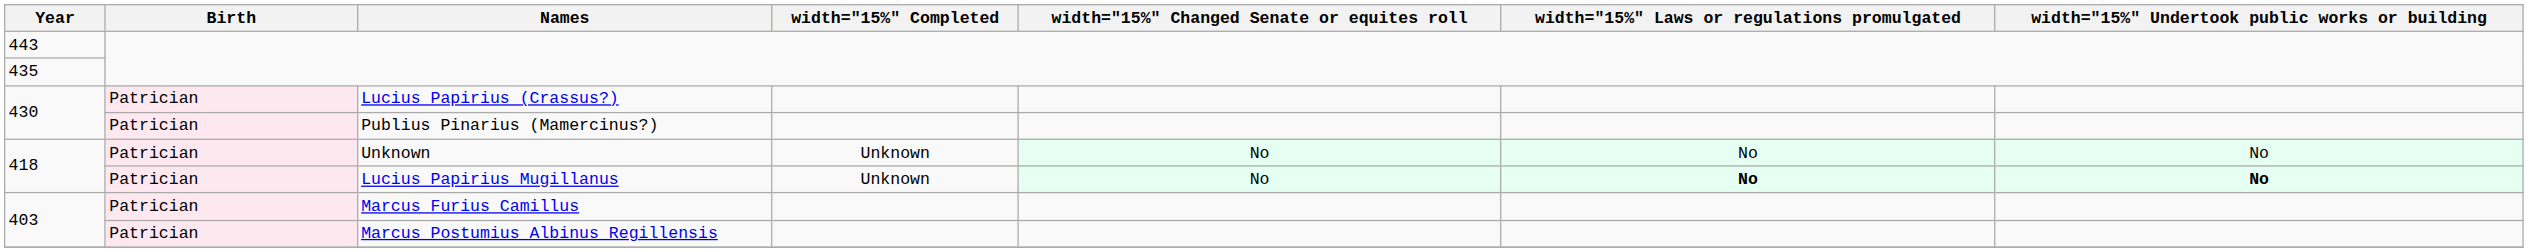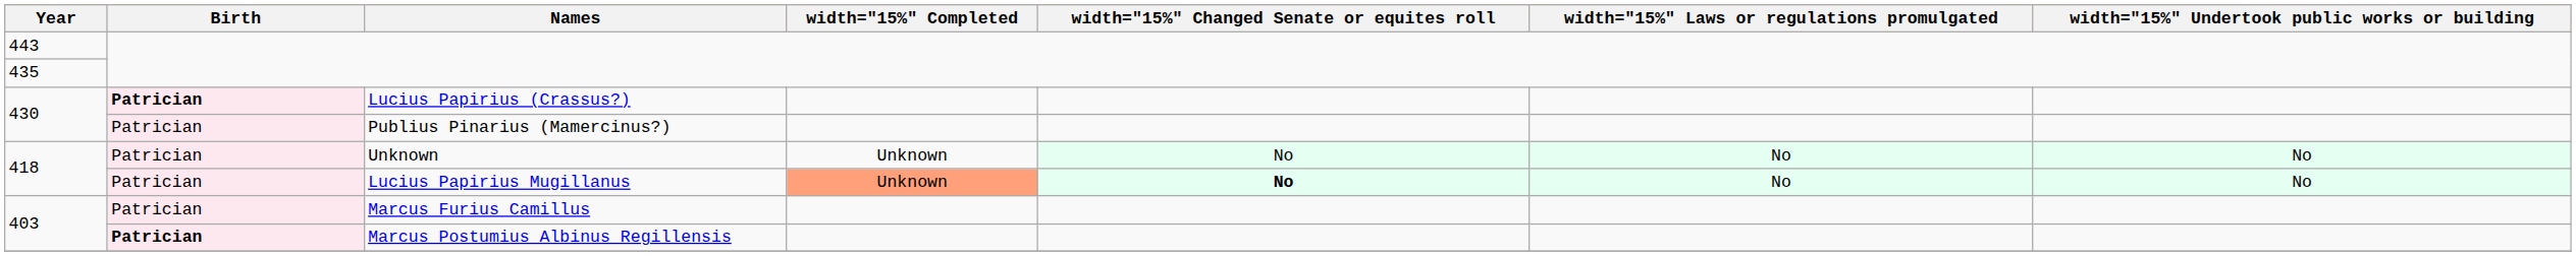 <table class="wikitable sortable"  width="100%">
 <tr bgcolor="#FFDEAD">
 <th width="4%">Year</th>
 <th width="10%">Birth</th>
 <th>Names</th>
 <th>width="15%"  Completed</th>
 <th>width="15%"   Changed Senate or equites roll</th>
 <th>width="15%"   Laws or regulations promulgated</th>
 <th>width="15%"   Undertook public works or building</th>
 </tr>
 <tr>
 <td rowspan="2">443<br></td>
 </tr>
 <tr>
 </tr>
 <tr>
 <td rowspan="2">435<br></td>
 </tr>
 <tr>
 </tr>
 <tr>
 <td rowspan="2">430</td>
-<td style="background: #fde8f0;">Patrician</td>
+<td style="background: #fde8f0;"><strong>Patrician</strong></td>
 <td><a href='#'>Lucius Papirius (Crassus?)</a></td>
 <td style="text-align: center;"></td>
 <td style="text-align: center;"></td>
 <td style="text-align: center;"></td>
 <td style="text-align: center;"></td>
 </tr>
 <tr>
 <td style="background: #fde8f0;">Patrician</td>
 <td>Publius Pinarius (Mamercinus?)</td>
 <td style="text-align: center;"></td>
 <td style="text-align: center;"></td>
 <td style="text-align: center;"></td>
 <td style="text-align: center;"></td>
 </tr>
 <tr>
 <td rowspan="2">418</td>
 <td style="background: #fde8f0;">Patrician</td>
 <td>Unknown</td>
 <td style="text-align: center;">Unknown</td>
 <td style="background: #e6fff3; text-align: center;">No</td>
 <td style="background: #e6fff3; text-align: center;">No</td>
 <td style="background: #e6fff3; text-align: center;">No</td>
 </tr>
 <tr>
 <td style="background: #fde8f0;">Patrician</td>
 <td><a href='#'>Lucius Papirius Mugillanus</a></td>
-<td style="text-align: center;">Unknown</td>
+<td style="background: lightsalmon; text-align: center;">Unknown</td>
+<td style="background: #e6fff3; text-align: center;"><strong>No</strong></td>
 <td style="background: #e6fff3; text-align: center;">No</td>
-<td style="background: #e6fff3; text-align: center;"><strong>No</strong></td>
-<td style="background: #e6fff3; text-align: center;"><strong>No</strong></td>
+<td style="background: #e6fff3; text-align: center;">No</td>
 </tr>
 <tr>
 <td rowspan="2">403</td>
 <td style="background: #fde8f0;">Patrician</td>
 <td><a href='#'>Marcus Furius Camillus</a></td>
 <td></td>
 <td></td>
 <td></td>
 <td></td>
 </tr>
 <tr>
-<td style="background: #fde8f0;">Patrician</td>
+<td style="background: #fde8f0;"><strong>Patrician</strong></td>
 <td><a href='#'>Marcus Postumius Albinus Regillensis</a></td>
 <td></td>
 <td></td>
 <td></td>
 <td></td>
 </tr>
 <tr>
 </tr>
 </table>
